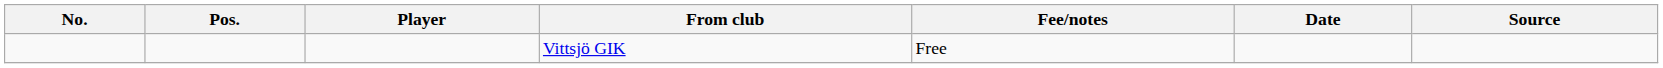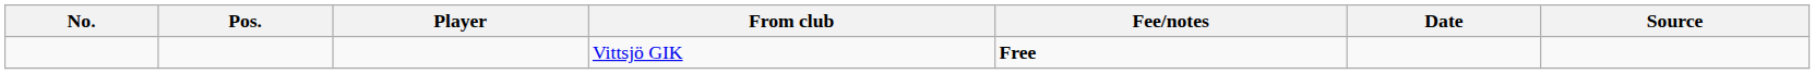 <table class="wikitable sortable" style="width:90%; font-size:95%;">
 <tr>
 <th>No.</th>
 <th>Pos.</th>
 <th>Player</th>
 <th>From club</th>
 <th>Fee/notes</th>
 <th>Date</th>
 <th>Source</th>
 </tr>
 <tr>
 <td style="text-align:center"></td>
 <td style="text-align:center"></td>
 <td></td>
 <td> <a href='#'>Vittsjö GIK</a></td>
-<td>Free</td>
+<td><strong>Free</strong></td>
 <td></td>
 <td></td>
 </tr>
 <tr>
 </tr>
 </table>
